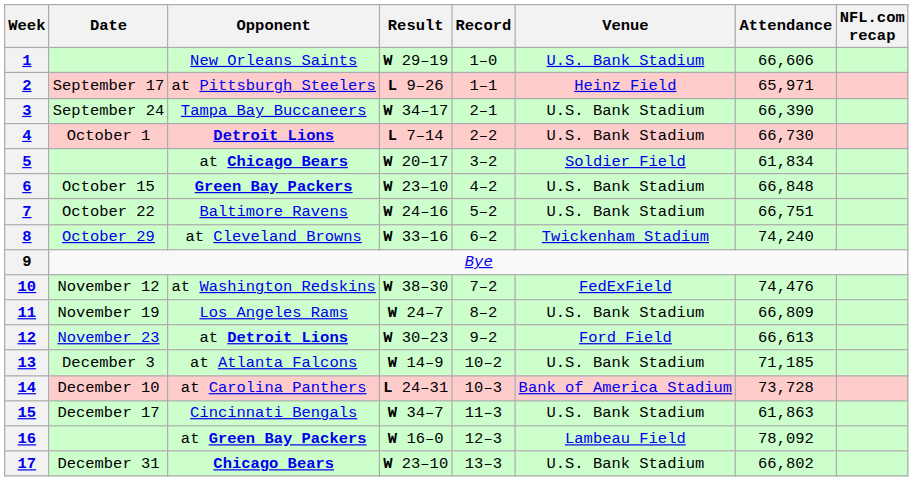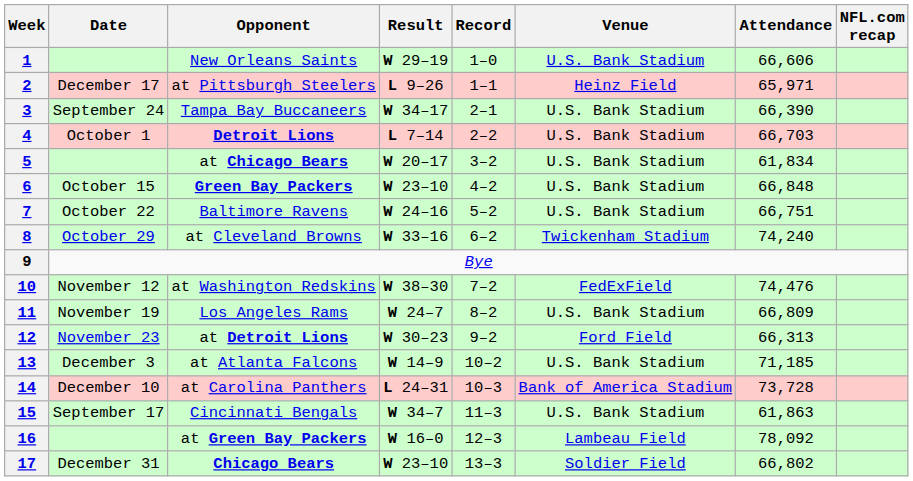 <table class="wikitable" style="text-align:center">
 <tr>
 <th>Week</th>
 <th>Date</th>
 <th>Opponent</th>
 <th>Result</th>
 <th>Record</th>
 <th>Venue</th>
 <th>Attendance</th>
 <th>NFL.com<br>recap</th>
 </tr>
 <tr style="background:#cfc">
 <th><a href='#'>1</a></th>
 <td></td>
 <td><a href='#'>New Orleans Saints</a></td>
 <td><strong>W</strong> 29–19</td>
 <td>1–0</td>
 <td><a href='#'>U.S. Bank Stadium</a></td>
 <td>66,606</td>
 <td></td>
 </tr>
 <tr style="background:#fcc">
 <th><a href='#'>2</a></th>
-<td>September 17</td>
+<td>December 17</td>
 <td>at <a href='#'>Pittsburgh Steelers</a></td>
 <td><strong>L</strong> 9–26</td>
 <td>1–1</td>
 <td><a href='#'>Heinz Field</a></td>
 <td>65,971</td>
 <td></td>
 </tr>
 <tr style="background:#cfc">
 <th><a href='#'>3</a></th>
 <td>September 24</td>
 <td><a href='#'>Tampa Bay Buccaneers</a></td>
 <td><strong>W</strong> 34–17</td>
 <td>2–1</td>
 <td>U.S. Bank Stadium</td>
 <td>66,390</td>
 <td></td>
 </tr>
 <tr style="background:#fcc">
 <th><a href='#'>4</a></th>
 <td>October 1</td>
 <td><strong><a href='#'>Detroit Lions</a></strong></td>
 <td><strong>L</strong> 7–14</td>
 <td>2–2</td>
 <td>U.S. Bank Stadium</td>
-<td>66,730</td>
+<td>66,703</td>
 <td></td>
 </tr>
 <tr style="background:#cfc">
 <th><a href='#'>5</a></th>
 <td></td>
 <td>at <strong><a href='#'>Chicago Bears</a></strong></td>
 <td><strong>W</strong> 20–17</td>
 <td>3–2</td>
-<td><a href='#'>Soldier Field</a></td>
+<td>U.S. Bank Stadium</td>
 <td>61,834</td>
 <td></td>
 </tr>
 <tr style="background:#cfc">
 <th><a href='#'>6</a></th>
 <td>October 15</td>
 <td><strong><a href='#'>Green Bay Packers</a></strong></td>
 <td><strong>W</strong> 23–10</td>
 <td>4–2</td>
 <td>U.S. Bank Stadium</td>
 <td>66,848</td>
 <td></td>
 </tr>
 <tr style="background:#cfc">
 <th><a href='#'>7</a></th>
 <td>October 22</td>
 <td><a href='#'>Baltimore Ravens</a></td>
 <td><strong>W</strong> 24–16</td>
 <td>5–2</td>
 <td>U.S. Bank Stadium</td>
 <td>66,751</td>
 <td></td>
 </tr>
 <tr style="background:#cfc">
 <th><a href='#'>8</a></th>
 <td><a href='#'>October 29</a></td>
 <td>at <a href='#'>Cleveland Browns</a></td>
 <td><strong>W</strong> 33–16</td>
 <td>6–2</td>
 <td><a href='#'>Twickenham Stadium</a><br></td>
 <td>74,240</td>
 <td></td>
 </tr>
 <tr>
 <th>9</th>
 <td colspan="7"><em><a href='#'>Bye</a></em></td>
 </tr>
 <tr style="background:#cfc">
 <th><a href='#'>10</a></th>
 <td>November 12</td>
 <td>at <a href='#'>Washington Redskins</a></td>
 <td><strong>W</strong> 38–30</td>
 <td>7–2</td>
 <td><a href='#'>FedExField</a></td>
 <td>74,476</td>
 <td></td>
 </tr>
 <tr style="background:#cfc">
 <th><a href='#'>11</a></th>
 <td>November 19</td>
 <td><a href='#'>Los Angeles Rams</a></td>
 <td><strong>W</strong> 24–7</td>
 <td>8–2</td>
 <td>U.S. Bank Stadium</td>
 <td>66,809</td>
 <td></td>
 </tr>
 <tr style="background:#cfc">
 <th><a href='#'>12</a></th>
 <td><a href='#'>November 23</a></td>
 <td>at <strong><a href='#'>Detroit Lions</a></strong></td>
 <td><strong>W</strong> 30–23</td>
 <td>9–2</td>
 <td><a href='#'>Ford Field</a></td>
-<td>66,613</td>
+<td>66,313</td>
 <td></td>
 </tr>
 <tr style="background:#cfc">
 <th><a href='#'>13</a></th>
 <td>December 3</td>
 <td>at <a href='#'>Atlanta Falcons</a></td>
 <td><strong>W</strong> 14–9</td>
 <td>10–2</td>
 <td>U.S. Bank Stadium</td>
 <td>71,185</td>
 <td></td>
 </tr>
 <tr style="background:#fcc">
 <th><a href='#'>14</a></th>
 <td>December 10</td>
 <td>at <a href='#'>Carolina Panthers</a></td>
 <td><strong>L</strong> 24–31</td>
 <td>10–3</td>
 <td><a href='#'>Bank of America Stadium</a></td>
 <td>73,728</td>
 <td></td>
 </tr>
 <tr style="background:#cfc">
 <th><a href='#'>15</a></th>
-<td>December 17</td>
+<td>September 17</td>
 <td><a href='#'>Cincinnati Bengals</a></td>
 <td><strong>W</strong> 34–7</td>
 <td>11–3</td>
 <td>U.S. Bank Stadium</td>
 <td>61,863</td>
 <td></td>
 </tr>
 <tr style="background:#cfc">
 <th><a href='#'>16</a></th>
 <td></td>
 <td>at <strong><a href='#'>Green Bay Packers</a></strong></td>
 <td><strong>W</strong> 16–0</td>
 <td>12–3</td>
 <td><a href='#'>Lambeau Field</a></td>
 <td>78,092</td>
 <td></td>
 </tr>
 <tr style="background:#cfc">
 <th><a href='#'>17</a></th>
 <td>December 31</td>
 <td><strong><a href='#'>Chicago Bears</a></strong></td>
 <td><strong>W</strong> 23–10</td>
 <td>13–3</td>
-<td>U.S. Bank Stadium</td>
+<td><a href='#'>Soldier Field</a></td>
 <td>66,802</td>
 <td></td>
 </tr>
 </table>
